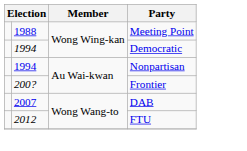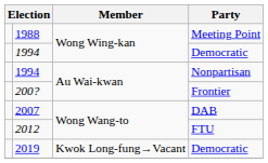 <table class="wikitable">
 <tr>
 <th colspan="2">Election</th>
 <th>Member</th>
 <th>Party</th>
 </tr>
 <tr>
 <td style="color:inherit;background:"></td>
 <td><a href='#'>1988</a></td>
 <td rowspan=2>Wong Wing-kan</td>
 <td><a href='#'>Meeting Point</a></td>
 </tr>
 <tr>
 <td style="color:inherit;background:"></td>
 <td><em>1994</em></td>
 <td><a href='#'>Democratic</a></td>
 </tr>
 <tr>
 <td style="color:inherit;background:"></td>
 <td><a href='#'>1994</a></td>
 <td rowspan=2>Au Wai-kwan</td>
 <td><a href='#'>Nonpartisan</a></td>
 </tr>
 <tr>
 <td style="color:inherit;background:"></td>
 <td><em>200?</em></td>
 <td><a href='#'>Frontier</a></td>
 </tr>
 <tr>
 <td style="color:inherit;background:"></td>
 <td><a href='#'>2007</a></td>
 <td rowspan=2>Wong Wang-to</td>
 <td><a href='#'>DAB</a></td>
 </tr>
 <tr>
 <td style="color:inherit;background:"></td>
 <td><em>2012</em></td>
 <td><a href='#'>FTU</a></td>
 </tr>
 <tr>
+<td style="color:inherit;background:"></td>
+<td><a href='#'>2019</a></td>
+<td>Kwok Long-fung→Vacant</td>
+<td><a href='#'>Democratic</a></td>
+</tr>
+<tr>
 </tr>
 </table>
